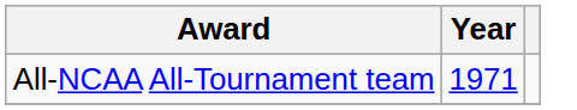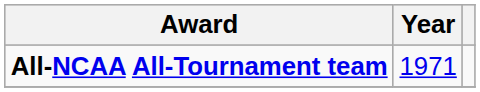 <table class="wikitable">
 <tr>
 <th>Award</th>
 <th>Year</th>
 <th></th>
 </tr>
 <tr>
-<td>All-<a href='#'>NCAA</a> <a href='#'>All-Tournament team</a></td>
+<td><strong>All-<a href='#'>NCAA</a> <a href='#'>All-Tournament team</a></strong></td>
 <td><a href='#'>1971</a></td>
 <td></td>
 </tr>
 <tr>
 </tr>
 </table>
